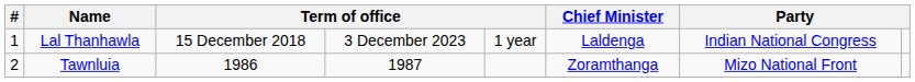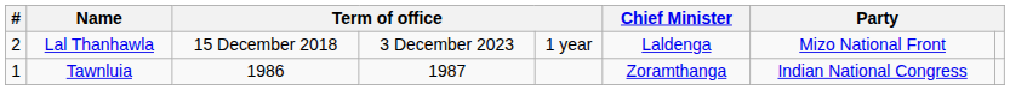 <table class="wikitable" style="width:75%; text-align:center">
 <tr>
 <th>#</th>
 <th>Name<br> </th>
 <th colspan=3>Term of office</th>
 <th><a href='#'>Chief Minister</a></th>
 <th colspan=2>Party</th>
 </tr>
 <tr>
-<td>1</td>
+<td>2</td>
 <td><a href='#'>Lal Thanhawla</a></td>
 <td>15 December 2018</td>
 <td>3 December 2023</td>
 <td>1 year</td>
 <td><a href='#'>Laldenga</a></td>
-<td><a href='#'>Indian National Congress</a></td>
+<td><a href='#'>Mizo National Front</a></td>
 <td></td>
 </tr>
 <tr>
-<td>2</td>
+<td>1</td>
 <td><a href='#'>Tawnluia</a></td>
 <td>1986</td>
 <td>1987</td>
 <td></td>
 <td><a href='#'>Zoramthanga</a></td>
-<td><a href='#'>Mizo National Front</a></td>
+<td><a href='#'>Indian National Congress</a></td>
 <td></td>
 </tr>
 </table>
